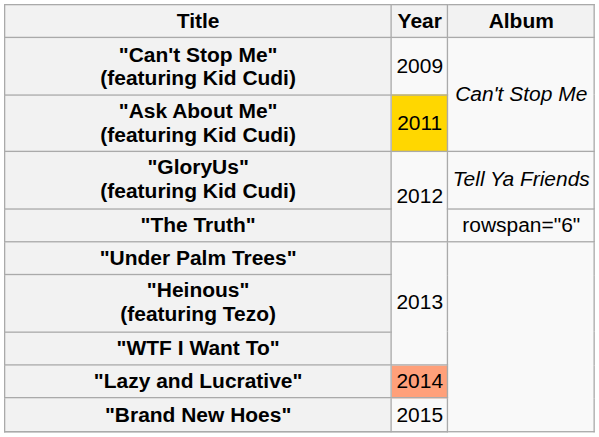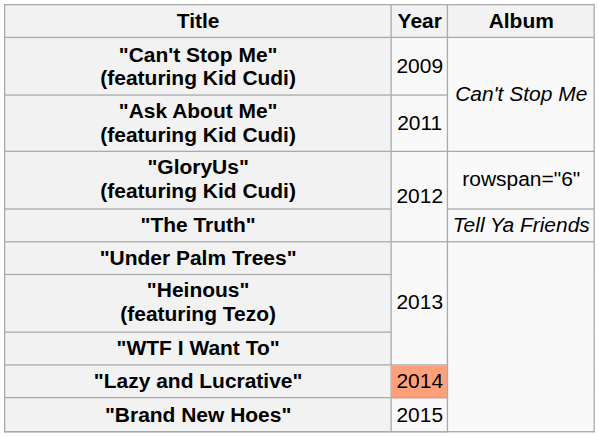 <table class="wikitable plainrowheaders" style="text-align:center;">
 <tr>
 <th scope="col" rowspan="1" style="width:18em;">Title</th>
 <th scope="col" rowspan="1">Year</th>
 <th scope="col" rowspan="1">Album</th>
 </tr>
 <tr>
 <th scope="row">"Can't Stop Me"<br><span>(featuring Kid Cudi)</span></th>
 <td>2009</td>
 <td rowspan="2"><em>Can't Stop Me</em></td>
 </tr>
 <tr>
 <th scope="row">"Ask About Me"<br><span>(featuring Kid Cudi)</span></th>
-<td style="background: gold;">2011</td>
+<td>2011</td>
 </tr>
 <tr>
 <th scope="row">"GloryUs"<br><span>(featuring Kid Cudi)</span></th>
 <td rowspan="2">2012</td>
-<td><em>Tell Ya Friends</em></td>
+<td>rowspan="6" </td>
 </tr>
 <tr>
 <th scope="row">"The Truth"</th>
-<td>rowspan="6" </td>
+<td><em>Tell Ya Friends</em></td>
 </tr>
 <tr>
 <th scope="row">"Under Palm Trees"</th>
 <td rowspan="3">2013</td>
 </tr>
 <tr>
 <th scope="row">"Heinous"<br><span>(featuring Tezo)</span></th>
 </tr>
 <tr>
 <th scope="row">"WTF I Want To"</th>
 </tr>
 <tr>
 <th scope="row">"Lazy and Lucrative"</th>
 <td style="background: lightsalmon;">2014</td>
 </tr>
 <tr>
 <th scope="row">"Brand New Hoes"</th>
 <td>2015</td>
 </tr>
 <tr>
 </tr>
 </table>
